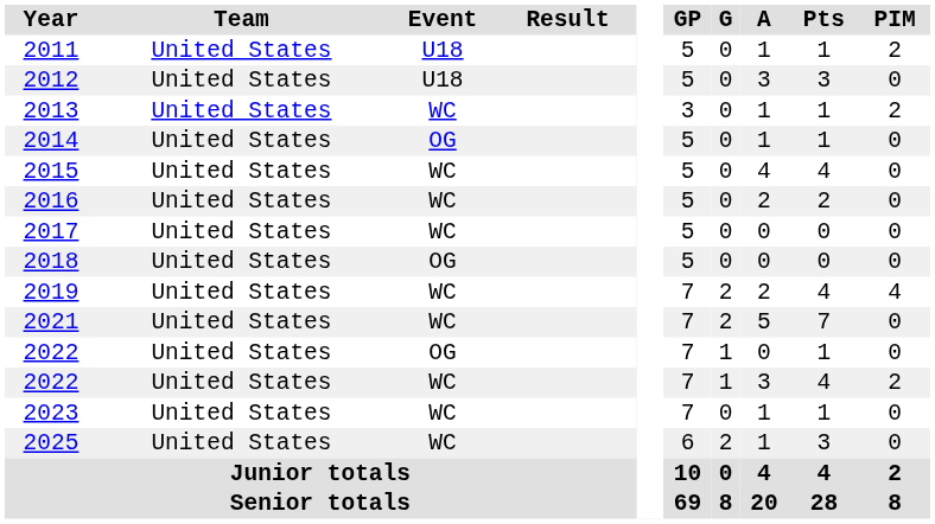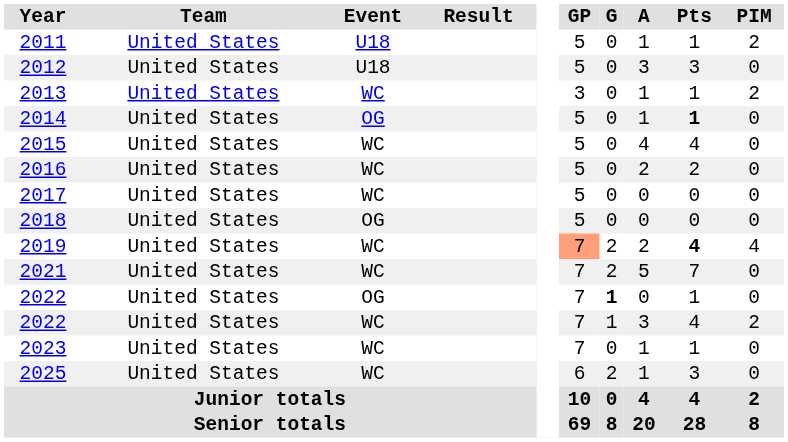 <table border="0" cellpadding="1" cellspacing="0" style="text-align:center; width:40em">
 <tr ALIGN="centre" bgcolor="#e0e0e0">
 <th>Year</th>
 <th>Team</th>
 <th>Event</th>
 <th>Result</th>
 <th rowspan="97" bgcolor="#ffffff"> </th>
 <th>GP</th>
 <th>G</th>
 <th>A</th>
 <th>Pts</th>
 <th>PIM</th>
 </tr>
 <tr>
 <td><a href='#'>2011</a></td>
 <td><a href='#'>United States</a></td>
 <td><a href='#'>U18</a></td>
 <td></td>
 <td>5</td>
 <td>0</td>
 <td>1</td>
 <td>1</td>
 <td>2</td>
 </tr>
 <tr bgcolor="#f0f0f0">
 <td><a href='#'>2012</a></td>
 <td>United States</td>
 <td>U18</td>
 <td></td>
 <td>5</td>
 <td>0</td>
 <td>3</td>
 <td>3</td>
 <td>0</td>
 </tr>
 <tr>
 <td><a href='#'>2013</a></td>
 <td><a href='#'>United States</a></td>
 <td><a href='#'>WC</a></td>
 <td></td>
 <td>3</td>
 <td>0</td>
 <td>1</td>
 <td>1</td>
 <td>2</td>
 </tr>
 <tr bgcolor="#f0f0f0">
 <td><a href='#'>2014</a></td>
 <td>United States</td>
 <td><a href='#'>OG</a></td>
 <td></td>
 <td>5</td>
 <td>0</td>
 <td>1</td>
-<td>1</td>
+<td><strong>1</strong></td>
 <td>0</td>
 </tr>
 <tr>
 <td><a href='#'>2015</a></td>
 <td>United States</td>
 <td>WC</td>
 <td></td>
 <td>5</td>
 <td>0</td>
 <td>4</td>
 <td>4</td>
 <td>0</td>
 </tr>
 <tr bgcolor="#f0f0f0">
 <td><a href='#'>2016</a></td>
 <td>United States</td>
 <td>WC</td>
 <td></td>
 <td>5</td>
 <td>0</td>
 <td>2</td>
 <td>2</td>
 <td>0</td>
 </tr>
 <tr>
 <td><a href='#'>2017</a></td>
 <td>United States</td>
 <td>WC</td>
 <td></td>
 <td>5</td>
 <td>0</td>
 <td>0</td>
 <td>0</td>
 <td>0</td>
 </tr>
 <tr bgcolor="#f0f0f0">
 <td><a href='#'>2018</a></td>
 <td>United States</td>
 <td>OG</td>
 <td></td>
 <td>5</td>
 <td>0</td>
 <td>0</td>
 <td>0</td>
 <td>0</td>
 </tr>
 <tr>
 <td><a href='#'>2019</a></td>
 <td>United States</td>
 <td>WC</td>
 <td></td>
-<td>7</td>
+<td style="background: lightsalmon;">7</td>
 <td>2</td>
 <td>2</td>
-<td>4</td>
+<td><strong>4</strong></td>
 <td>4</td>
 </tr>
 <tr bgcolor="#f0f0f0">
 <td><a href='#'>2021</a></td>
 <td>United States</td>
 <td>WC</td>
 <td></td>
 <td>7</td>
 <td>2</td>
 <td>5</td>
 <td>7</td>
 <td>0</td>
 </tr>
 <tr>
 <td><a href='#'>2022</a></td>
 <td>United States</td>
 <td>OG</td>
 <td></td>
 <td>7</td>
-<td>1</td>
+<td><strong>1</strong></td>
 <td>0</td>
 <td>1</td>
 <td>0</td>
 </tr>
 <tr bgcolor="#f0f0f0">
 <td><a href='#'>2022</a></td>
 <td>United States</td>
 <td>WC</td>
 <td></td>
 <td>7</td>
 <td>1</td>
 <td>3</td>
 <td>4</td>
 <td>2</td>
 </tr>
 <tr>
 <td><a href='#'>2023</a></td>
 <td>United States</td>
 <td>WC</td>
 <td></td>
 <td>7</td>
 <td>0</td>
 <td>1</td>
 <td>1</td>
 <td>0</td>
 </tr>
 <tr bgcolor="#f0f0f0">
 <td><a href='#'>2025</a></td>
 <td>United States</td>
 <td>WC</td>
 <td></td>
 <td>6</td>
 <td>2</td>
 <td>1</td>
 <td>3</td>
 <td>0</td>
 </tr>
 <tr ALIGN="centre" bgcolor="#e0e0e0">
 <th colspan=4>Junior totals</th>
 <th>10</th>
 <th>0</th>
 <th>4</th>
 <th>4</th>
 <th>2</th>
 </tr>
 <tr ALIGN="centre" bgcolor="#e0e0e0">
 <th colspan=4>Senior totals</th>
 <th>69</th>
 <th>8</th>
 <th>20</th>
 <th>28</th>
 <th>8</th>
 </tr>
 </table>
